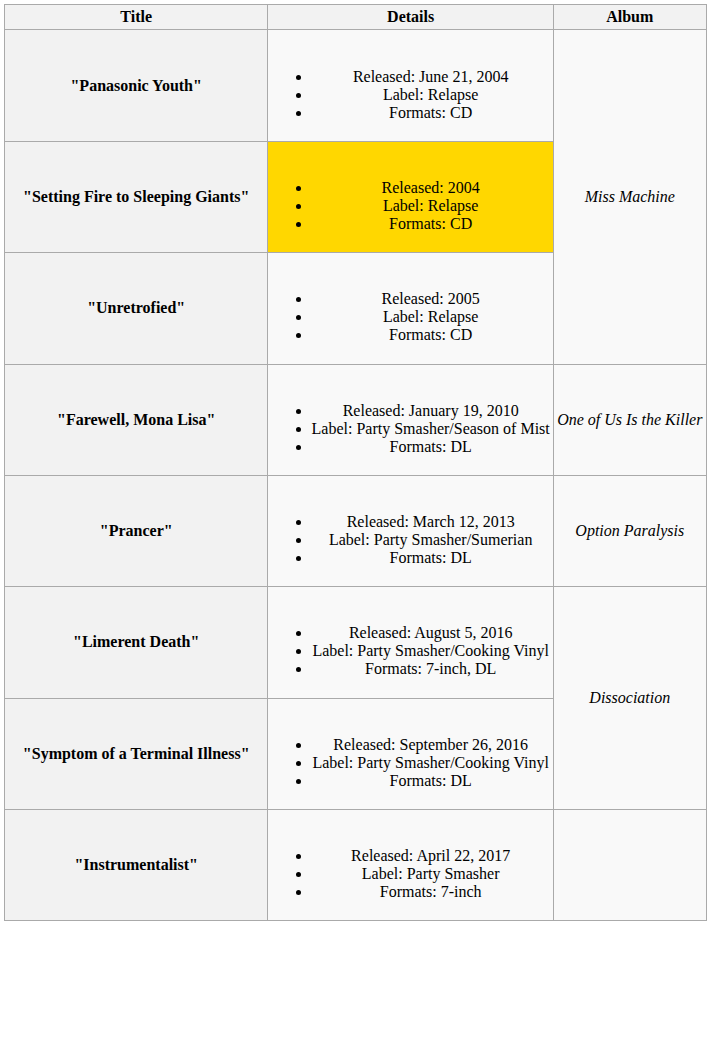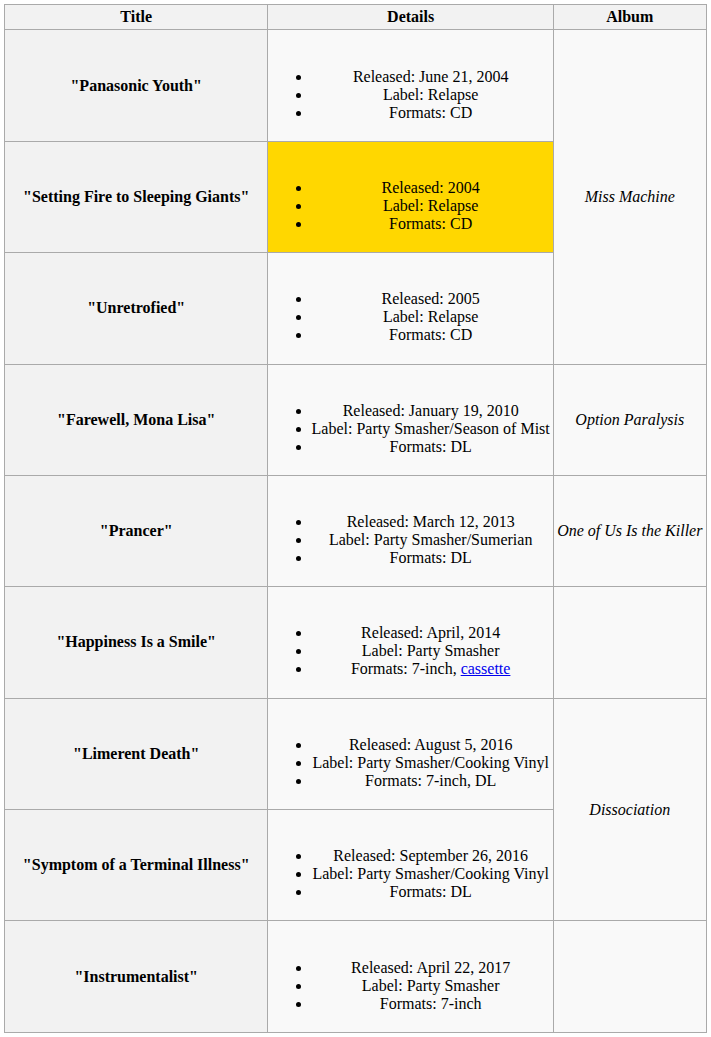 <table class="wikitable plainrowheaders" style="text-align:center;">
 <tr>
 <th scope="col" style="width:16em;">Title</th>
 <th>Details</th>
 <th>Album</th>
 </tr>
 <tr>
 <th scope="row">"Panasonic Youth"</th>
 <td><br><ul><li>Released: June 21, 2004</li><li>Label: Relapse</li><li>Formats: CD</li></ul></td>
 <td rowspan="3"><em>Miss Machine</em></td>
 </tr>
 <tr>
 <th scope="row">"Setting Fire to Sleeping Giants"</th>
 <td style="background: gold;"><br><ul><li>Released: 2004</li><li>Label: Relapse</li><li>Formats: CD</li></ul></td>
 </tr>
 <tr>
 <th scope="row">"Unretrofied"</th>
 <td><br><ul><li>Released: 2005</li><li>Label: Relapse</li><li>Formats: CD</li></ul></td>
 </tr>
 <tr>
 <th scope="row">"Farewell, Mona Lisa"</th>
 <td><br><ul><li>Released: January 19, 2010</li><li>Label: Party Smasher/Season of Mist</li><li>Formats: DL</li></ul></td>
-<td><em>One of Us Is the Killer</em></td>
+<td><em>Option Paralysis</em></td>
 </tr>
 <tr>
 <th scope="row">"Prancer"</th>
 <td><br><ul><li>Released: March 12, 2013</li><li>Label: Party Smasher/Sumerian</li><li>Formats: DL</li></ul></td>
-<td><em>Option Paralysis</em></td>
+<td><em>One of Us Is the Killer</em></td>
+</tr>
+<tr>
+<th scope="row">"Happiness Is a Smile"</th>
+<td><br><ul><li>Released: April, 2014</li><li>Label: Party Smasher</li><li>Formats: 7-inch, <a href='#'>cassette</a></li></ul></td>
+<td></td>
 </tr>
 <tr>
 <th scope="row">"Limerent Death"</th>
 <td><br><ul><li>Released: August 5, 2016</li><li>Label: Party Smasher/Cooking Vinyl</li><li>Formats: 7-inch, DL</li></ul></td>
 <td rowspan="2"><em>Dissociation</em></td>
 </tr>
 <tr>
 <th scope="row">"Symptom of a Terminal Illness"</th>
 <td><br><ul><li>Released: September 26, 2016</li><li>Label: Party Smasher/Cooking Vinyl</li><li>Formats: DL</li></ul></td>
 </tr>
 <tr>
 <th scope="row">"Instrumentalist"</th>
 <td><br><ul><li>Released: April 22, 2017</li><li>Label: Party Smasher</li><li>Formats: 7-inch</li></ul></td>
 <td></td>
 </tr>
 </table>
